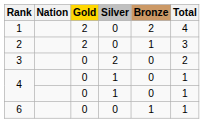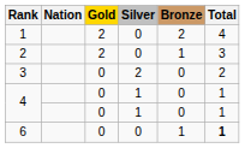 <table class="wikitable sortable" style="text-align:center">
 <tr>
 <th>Rank</th>
 <th>Nation</th>
 <th style="background-color:gold">Gold</th>
 <th style="background-color:silver">Silver</th>
 <th style="background-color:#cc9966">Bronze</th>
 <th>Total</th>
 </tr>
 <tr>
 <td>1</td>
 <td align=left></td>
 <td>2</td>
 <td>0</td>
 <td>2</td>
 <td>4</td>
 </tr>
 <tr>
 <td>2</td>
 <td align=left></td>
 <td>2</td>
 <td>0</td>
 <td>1</td>
 <td>3</td>
 </tr>
 <tr>
 <td>3</td>
 <td align=left></td>
 <td>0</td>
 <td>2</td>
 <td>0</td>
 <td>2</td>
 </tr>
 <tr>
 <td rowspan=2>4</td>
 <td align=left></td>
 <td>0</td>
 <td>1</td>
 <td>0</td>
 <td>1</td>
 </tr>
 <tr>
 <td align=left></td>
 <td>0</td>
 <td>1</td>
 <td>0</td>
 <td>1</td>
 </tr>
 <tr>
 <td>6</td>
 <td align=left></td>
 <td>0</td>
 <td>0</td>
 <td>1</td>
-<td>1</td>
+<td><strong>1</strong></td>
 </tr>
 </table>
